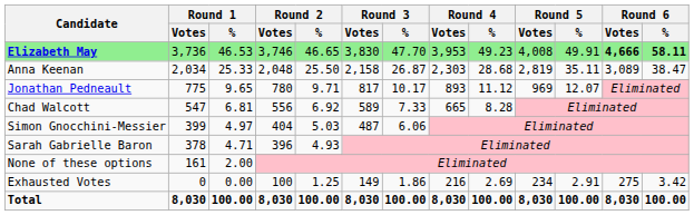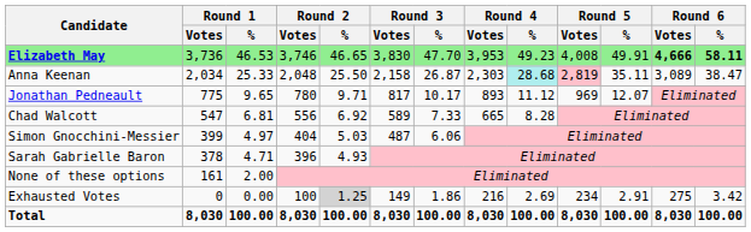 <table class="wikitable">
 <tr>
 <th rowspan=2>Candidate</th>
 <th colspan=2>Round 1</th>
 <th colspan=2>Round 2</th>
 <th colspan=2>Round 3</th>
 <th colspan=2>Round 4</th>
 <th colspan=2>Round 5</th>
 <th colspan=2>Round 6</th>
 </tr>
 <tr>
 <th>Votes</th>
 <th>%</th>
 <th>Votes</th>
 <th>%</th>
 <th>Votes</th>
 <th>%</th>
 <th>Votes</th>
 <th>%</th>
 <th>Votes</th>
 <th>%</th>
 <th>Votes</th>
 <th>%</th>
 </tr>
 <tr style="background:lightgreen;">
 <td><strong><a href='#'>Elizabeth May</a></strong></td>
 <td style="text-align:right">3,736</td>
 <td style="text-align:right">46.53</td>
 <td style="text-align:right">3,746</td>
 <td style="text-align:right">46.65</td>
 <td style="text-align:right">3,830</td>
 <td style="text-align:right">47.70</td>
 <td style="text-align:right">3,953</td>
 <td style="text-align:right">49.23</td>
 <td style="text-align:right">4,008</td>
 <td style="text-align:right">49.91</td>
 <td style="text-align:right"><strong>4,666</strong></td>
 <td style="text-align:right"><strong>58.11</strong></td>
 </tr>
 <tr>
 <td>Anna Keenan</td>
 <td style="text-align:right">2,034</td>
 <td style="text-align:right">25.33</td>
 <td style="text-align:right">2,048</td>
 <td style="text-align:right">25.50</td>
 <td style="text-align:right">2,158</td>
 <td style="text-align:right">26.87</td>
 <td style="text-align:right">2,303</td>
-<td style="text-align:right">28.68</td>
-<td style="text-align:right">2,819</td>
+<td style="background: paleturquoise; text-align:right">28.68</td>
+<td style="background: pink; text-align:right">2,819</td>
 <td style="text-align:right">35.11</td>
 <td style="text-align:right">3,089</td>
 <td style="text-align:right">38.47</td>
 </tr>
 <tr>
 <td><a href='#'>Jonathan Pedneault</a></td>
 <td style="text-align:right">775</td>
 <td style="text-align:right">9.65</td>
 <td style="text-align:right">780</td>
 <td style="text-align:right">9.71</td>
 <td style="text-align:right">817</td>
 <td style="text-align:right">10.17</td>
 <td style="text-align:right">893</td>
 <td style="text-align:right">11.12</td>
 <td style="text-align:right">969</td>
 <td style="text-align:right">12.07</td>
 <td colspan="2" style="background:pink; text-align:center"><em>Eliminated</em></td>
 </tr>
 <tr>
 <td>Chad Walcott</td>
 <td style="text-align:right">547</td>
 <td style="text-align:right">6.81</td>
 <td style="text-align:right">556</td>
 <td style="text-align:right">6.92</td>
 <td style="text-align:right">589</td>
 <td style="text-align:right">7.33</td>
 <td style="text-align:right">665</td>
 <td style="text-align:right">8.28</td>
 <td colspan="4" style="background:pink; text-align:center"><em>Eliminated</em></td>
 </tr>
 <tr>
 <td>Simon Gnocchini-Messier</td>
 <td style="text-align:right">399</td>
 <td style="text-align:right">4.97</td>
 <td style="text-align:right">404</td>
 <td style="text-align:right">5.03</td>
 <td style="text-align:right">487</td>
 <td style="text-align:right">6.06</td>
 <td colspan="6" style="background:pink; text-align:center"><em>Eliminated</em></td>
 </tr>
 <tr>
 <td>Sarah Gabrielle Baron</td>
 <td style="text-align:right">378</td>
 <td style="text-align:right">4.71</td>
 <td style="text-align:right">396</td>
 <td style="text-align:right">4.93</td>
 <td colspan="8" style="background:pink; text-align:center"><em>Eliminated</em></td>
 </tr>
 <tr>
 <td NOTO>None of these options</td>
 <td style="text-align:right">161</td>
 <td style="text-align:right">2.00</td>
 <td colspan="10" style="background:pink; text-align:center"><em>Eliminated</em></td>
 </tr>
 <tr>
 <td>Exhausted Votes</td>
 <td style="text-align:right">0</td>
 <td style="text-align:right">0.00</td>
 <td style="text-align:right">100</td>
-<td style="text-align:right">1.25</td>
+<td style="background: lightgrey; text-align:right">1.25</td>
 <td style="text-align:right">149</td>
 <td style="text-align:right">1.86</td>
 <td style="text-align:right">216</td>
 <td style="text-align:right">2.69</td>
 <td style="text-align:right">234</td>
 <td style="text-align:right">2.91</td>
 <td style="text-align:right">275</td>
 <td style="text-align:right">3.42</td>
 </tr>
 <tr>
 <td><strong>Total</strong></td>
 <td style="text-align:right"><strong>8,030</strong></td>
 <td style="text-align:right"><strong>100.00</strong></td>
 <td style="text-align:right"><strong>8,030</strong></td>
 <td style="text-align:right"><strong>100.00</strong></td>
 <td style="text-align:right"><strong>8,030</strong></td>
 <td style="text-align:right"><strong>100.00</strong></td>
 <td style="text-align:right"><strong>8,030</strong></td>
 <td style="text-align:right"><strong>100.00</strong></td>
 <td style="text-align:right"><strong>8,030</strong></td>
 <td style="text-align:right"><strong>100.00</strong></td>
 <td style="text-align:right"><strong>8,030</strong></td>
 <td style="text-align:right"><strong>100.00</strong></td>
 </tr>
 </table>
